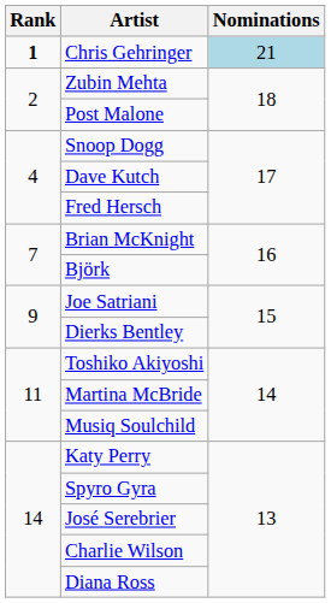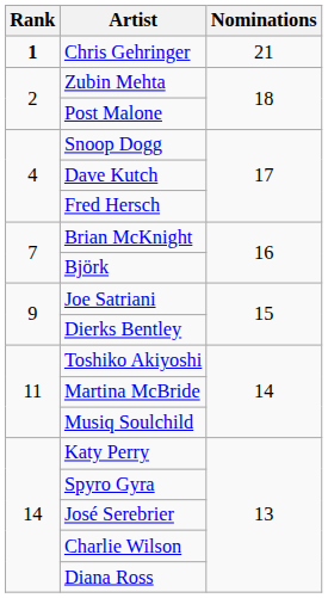 <table class="wikitable" style="text-align: center; cellpadding: 2;">
 <tr>
 <th>Rank</th>
 <th>Artist</th>
 <th>Nominations</th>
 </tr>
 <tr>
 <td rowspan="1"><strong>1</strong></td>
 <td style="text-align: left;"><a href='#'>Chris Gehringer</a></td>
-<td style="background: lightblue;">21</td>
+<td>21</td>
 </tr>
 <tr>
 <td rowspan="2">2</td>
 <td style="text-align: left;"><a href='#'>Zubin Mehta</a></td>
 <td rowspan="2">18</td>
 </tr>
 <tr>
 <td style="text-align: left;"><a href='#'>Post Malone</a></td>
 </tr>
 <tr>
 <td rowspan="3">4</td>
 <td style="text-align: left;"><a href='#'>Snoop Dogg</a></td>
 <td rowspan="3">17</td>
 </tr>
 <tr>
 <td style="text-align: left;"><a href='#'>Dave Kutch</a></td>
 </tr>
 <tr>
 <td style="text-align: left;"><a href='#'>Fred Hersch</a></td>
 </tr>
 <tr>
 <td rowspan="2">7</td>
 <td style="text-align: left;"><a href='#'>Brian McKnight</a></td>
 <td rowspan="2">16</td>
 </tr>
 <tr>
 <td style="text-align: left;"><a href='#'>Björk</a></td>
 </tr>
 <tr>
 <td rowspan="2">9</td>
 <td style="text-align: left;"><a href='#'>Joe Satriani</a></td>
 <td rowspan="2">15</td>
 </tr>
 <tr>
 <td style="text-align: left;"><a href='#'>Dierks Bentley</a></td>
 </tr>
 <tr>
 <td rowspan="3">11</td>
 <td style="text-align: left;"><a href='#'>Toshiko Akiyoshi</a></td>
 <td rowspan="3">14</td>
 </tr>
 <tr>
 <td style="text-align: left;"><a href='#'>Martina McBride</a></td>
 </tr>
 <tr>
 <td style="text-align: left;"><a href='#'>Musiq Soulchild</a></td>
 </tr>
 <tr>
 <td rowspan="5">14</td>
 <td style="text-align: left;"><a href='#'>Katy Perry</a></td>
 <td rowspan="5">13</td>
 </tr>
 <tr>
 <td style="text-align: left;"><a href='#'>Spyro Gyra</a></td>
 </tr>
 <tr>
 <td style="text-align: left;"><a href='#'>José Serebrier</a></td>
 </tr>
 <tr>
 <td style="text-align: left;"><a href='#'>Charlie Wilson</a></td>
 </tr>
 <tr>
 <td style="text-align: left;"><a href='#'>Diana Ross</a></td>
 </tr>
 </table>
